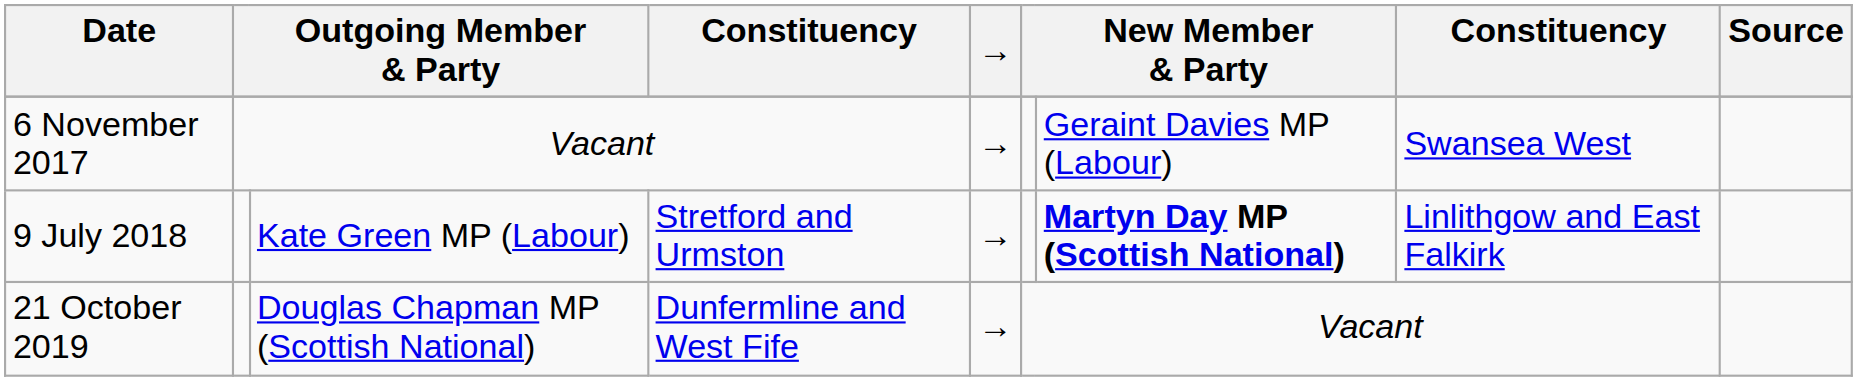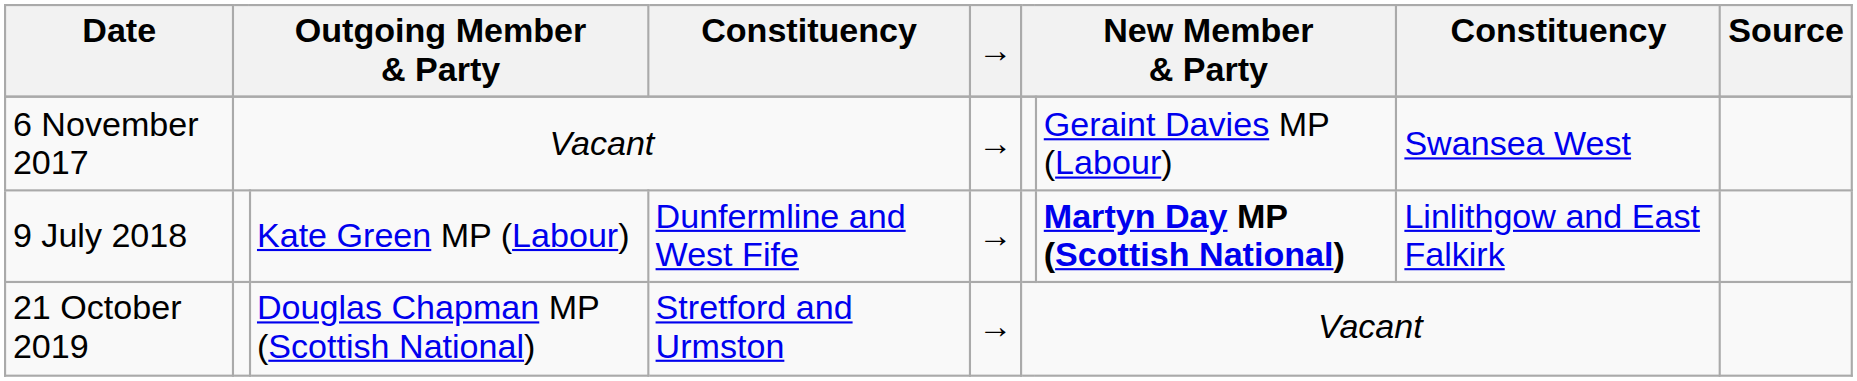 <table class="wikitable">
 <tr>
 <th valign="top">Date</th>
 <th colspan="2" valign="top">Outgoing Member<br>& Party</th>
 <th valign="top">Constituency</th>
 <th>→</th>
 <th colspan="2" valign="top">New Member<br>& Party</th>
 <th valign="top">Constituency</th>
 <th valign="top">Source</th>
 </tr>
 <tr>
 </tr>
 <tr>
 <td>6 November 2017</td>
 <td colspan=3 style="text-align:center;"><em>Vacant</em></td>
 <td>→</td>
 <td style="color:inherit;background:"></td>
 <td><a href='#'>Geraint Davies</a> MP (<a href='#'>Labour</a>)</td>
 <td><a href='#'>Swansea West</a></td>
 <td></td>
 </tr>
 <tr>
 <td>9 July 2018</td>
 <td style="color:inherit;background:"></td>
 <td><a href='#'>Kate Green</a> MP (<a href='#'>Labour</a>)</td>
-<td><a href='#'>Stretford and Urmston</a></td>
+<td><a href='#'>Dunfermline and West Fife</a></td>
 <td>→</td>
 <td style="color:inherit;background:"></td>
 <td><strong><a href='#'>Martyn Day</a> MP (<a href='#'>Scottish National</a>)</strong></td>
 <td><a href='#'>Linlithgow and East Falkirk</a></td>
 <td></td>
 </tr>
 <tr>
 <td>21 October 2019</td>
 <td style="color:inherit;background:"></td>
 <td><a href='#'>Douglas Chapman</a> MP (<a href='#'>Scottish National</a>)</td>
-<td><a href='#'>Dunfermline and West Fife</a></td>
+<td><a href='#'>Stretford and Urmston</a></td>
 <td>→</td>
 <td colspan=3 style="text-align:center;"><em>Vacant</em></td>
 <td></td>
 </tr>
 </table>
